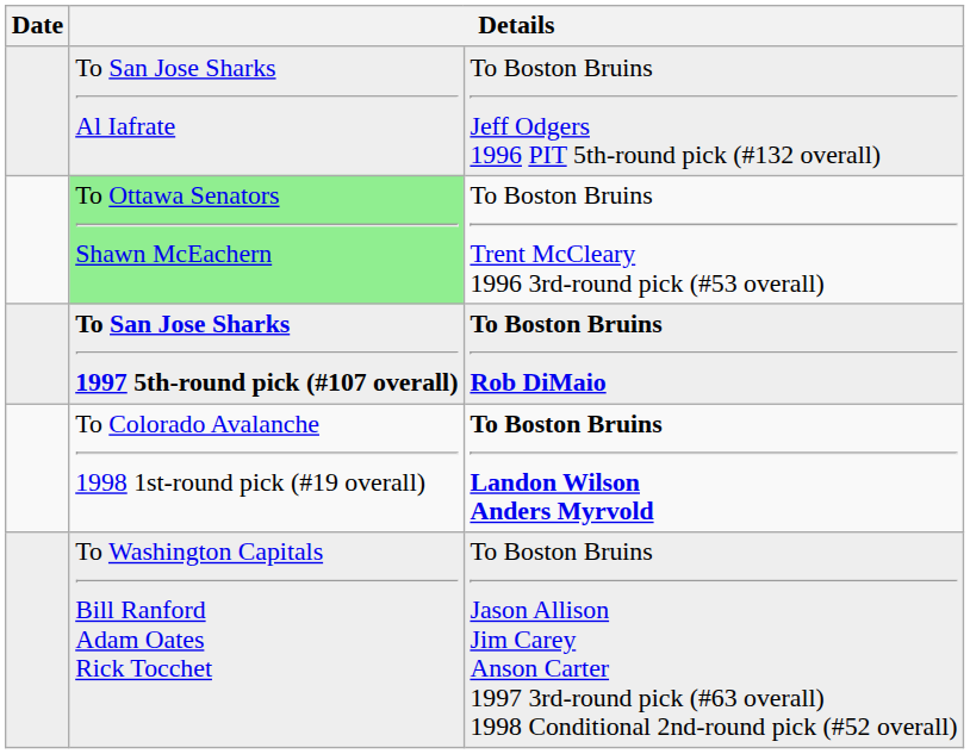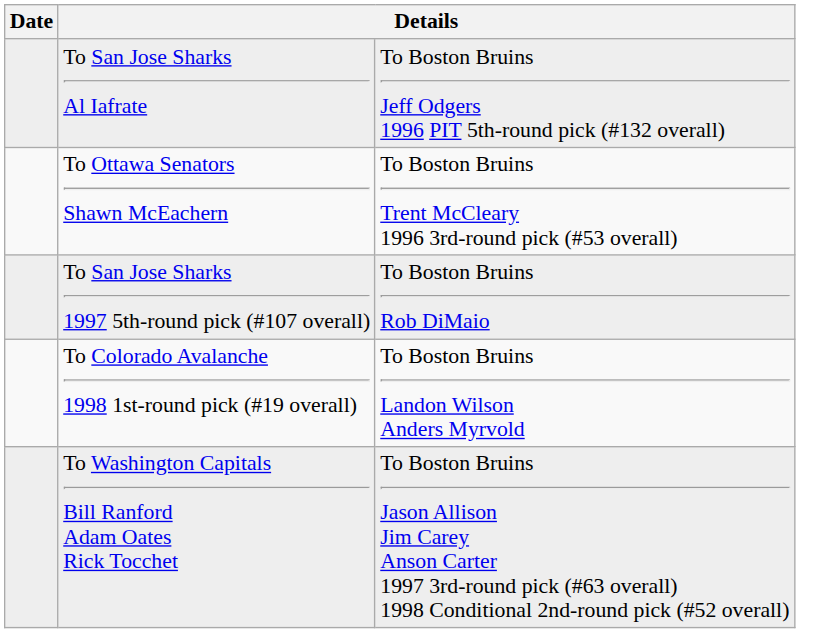 <table class="wikitable">
 <tr>
 <th>Date</th>
 <th colspan="2">Details</th>
 </tr>
 <tr style="background:#eee;">
 <td></td>
 <td valign="top">To <a href='#'>San Jose Sharks</a><hr><a href='#'>Al Iafrate</a></td>
 <td valign="top">To Boston Bruins<hr><a href='#'>Jeff Odgers</a><br><a href='#'>1996</a> <a href='#'>PIT</a> 5th-round pick (#132 overall)</td>
 </tr>
 <tr>
 <td></td>
-<td valign="top" style="background: lightgreen;">To <a href='#'>Ottawa Senators</a><hr><a href='#'>Shawn McEachern</a></td>
+<td valign="top">To <a href='#'>Ottawa Senators</a><hr><a href='#'>Shawn McEachern</a></td>
 <td valign="top">To Boston Bruins<hr><a href='#'>Trent McCleary</a><br>1996 3rd-round pick (#53 overall)</td>
 </tr>
 <tr style="background:#eee;">
 <td></td>
-<td valign="top"><strong>To <a href='#'>San Jose Sharks</a><hr><a href='#'>1997</a> 5th-round pick (#107 overall)</strong></td>
-<td valign="top"><strong>To Boston Bruins<hr><a href='#'>Rob DiMaio</a></strong></td>
+<td valign="top">To <a href='#'>San Jose Sharks</a><hr><a href='#'>1997</a> 5th-round pick (#107 overall)</td>
+<td valign="top">To Boston Bruins<hr><a href='#'>Rob DiMaio</a></td>
 </tr>
 <tr>
 <td></td>
 <td valign="top">To <a href='#'>Colorado Avalanche</a><hr><a href='#'>1998</a> 1st-round pick (#19 overall)</td>
-<td valign="top"><strong>To Boston Bruins<hr><a href='#'>Landon Wilson</a><br><a href='#'>Anders Myrvold</a></strong></td>
+<td valign="top">To Boston Bruins<hr><a href='#'>Landon Wilson</a><br><a href='#'>Anders Myrvold</a></td>
 </tr>
 <tr style="background:#eee;">
 <td></td>
 <td valign="top">To <a href='#'>Washington Capitals</a><hr><a href='#'>Bill Ranford</a><br><a href='#'>Adam Oates</a><br><a href='#'>Rick Tocchet</a></td>
 <td valign="top">To Boston Bruins<hr><a href='#'>Jason Allison</a><br><a href='#'>Jim Carey</a><br><a href='#'>Anson Carter</a><br>1997 3rd-round pick (#63 overall)<br>1998 Conditional 2nd-round pick (#52 overall)</td>
 </tr>
 </table>
